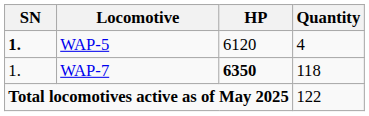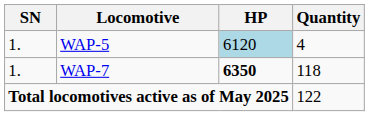 <table class="wikitable">
 <tr>
 <th>SN</th>
 <th>Locomotive</th>
 <th>HP</th>
 <th>Quantity</th>
 </tr>
 <tr>
-<td><strong>1.</strong></td>
+<td>1.</td>
 <td><a href='#'>WAP-5</a></td>
-<td>6120</td>
+<td style="background: lightblue;">6120</td>
 <td>4</td>
 </tr>
 <tr>
 <td>1.</td>
 <td><a href='#'>WAP-7</a></td>
 <td><strong>6350</strong></td>
 <td>118</td>
 </tr>
 <tr>
 <td colspan="3"><strong>Total locomotives active as of May 2025</strong></td>
 <td>122</td>
 </tr>
 </table>
